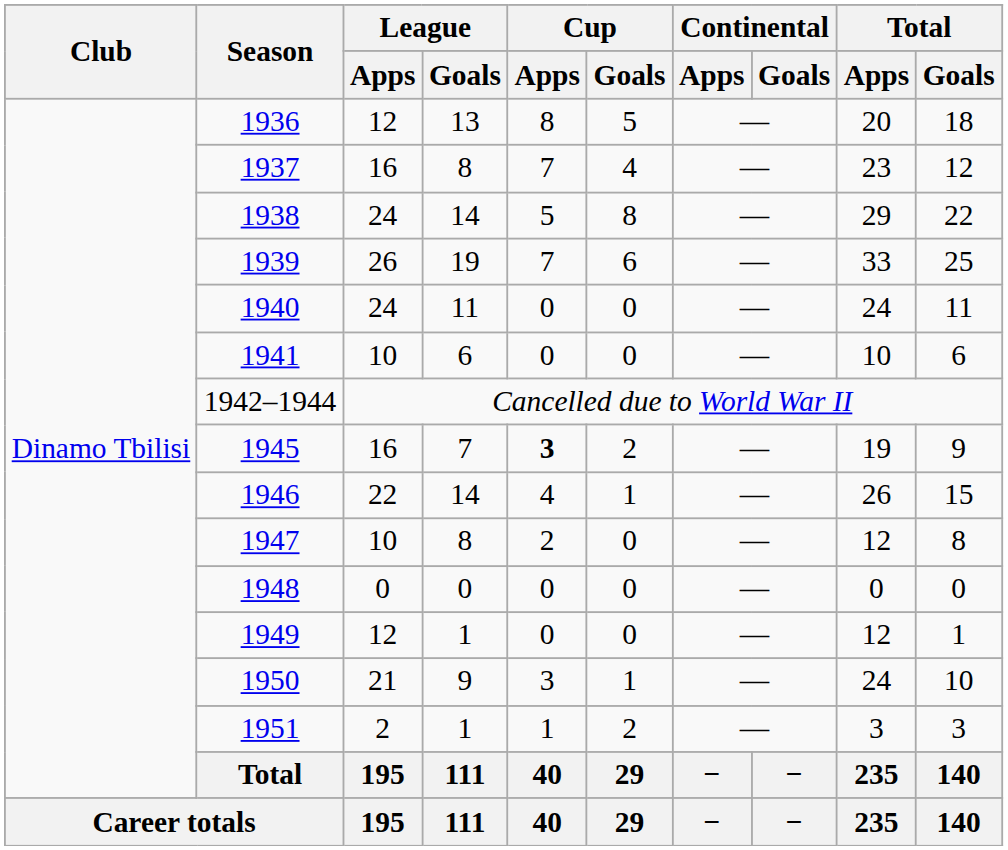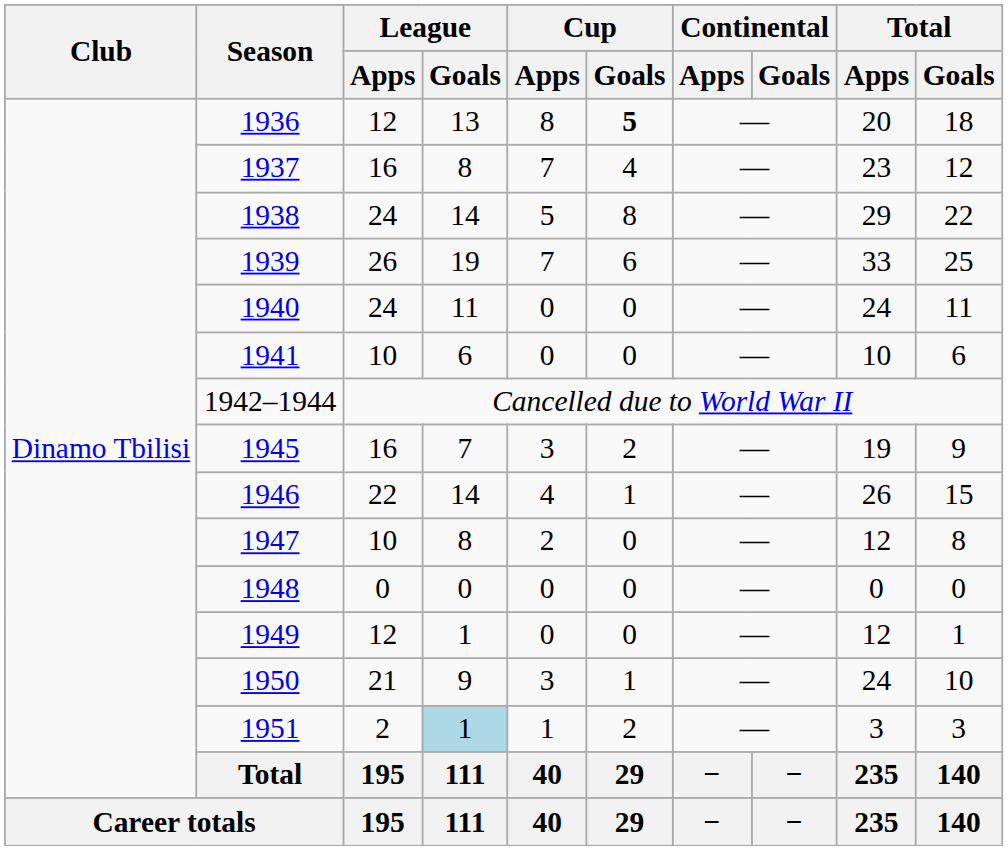 <table class="wikitable" style="font-size:100%; text-align: center;">
 <tr>
 <th rowspan="2">Club</th>
 <th rowspan="2">Season</th>
 <th colspan="2">League</th>
 <th colspan="2">Cup</th>
 <th colspan="2">Continental</th>
 <th colspan="2">Total</th>
 </tr>
 <tr>
 <th>Apps</th>
 <th>Goals</th>
 <th>Apps</th>
 <th>Goals</th>
 <th>Apps</th>
 <th>Goals</th>
 <th>Apps</th>
 <th>Goals</th>
 </tr>
 <tr>
 <td rowspan="15" valign="center"><a href='#'>Dinamo Tbilisi</a></td>
 <td><a href='#'>1936</a></td>
 <td>12</td>
 <td>13</td>
 <td>8</td>
-<td>5</td>
+<td><strong>5</strong></td>
 <td colspan="2">—</td>
 <td>20</td>
 <td>18</td>
 </tr>
 <tr>
 <td><a href='#'>1937</a></td>
 <td>16</td>
 <td>8</td>
 <td>7</td>
 <td>4</td>
 <td colspan="2">—</td>
 <td>23</td>
 <td>12</td>
 </tr>
 <tr>
 <td><a href='#'>1938</a></td>
 <td>24</td>
 <td>14</td>
 <td>5</td>
 <td>8</td>
 <td colspan="2">—</td>
 <td>29</td>
 <td>22</td>
 </tr>
 <tr>
 <td><a href='#'>1939</a></td>
 <td>26</td>
 <td>19</td>
 <td>7</td>
 <td>6</td>
 <td colspan="2">—</td>
 <td>33</td>
 <td>25</td>
 </tr>
 <tr>
 <td><a href='#'>1940</a></td>
 <td>24</td>
 <td>11</td>
 <td>0</td>
 <td>0</td>
 <td colspan="2">—</td>
 <td>24</td>
 <td>11</td>
 </tr>
 <tr>
 <td><a href='#'>1941</a></td>
 <td>10</td>
 <td>6</td>
 <td>0</td>
 <td>0</td>
 <td colspan="2">—</td>
 <td>10</td>
 <td>6</td>
 </tr>
 <tr>
 <td>1942–1944</td>
 <td colspan="8"><em>Cancelled due to <a href='#'>World War II</a></em></td>
 </tr>
 <tr>
 <td><a href='#'>1945</a></td>
 <td>16</td>
 <td>7</td>
-<td><strong>3</strong></td>
+<td>3</td>
 <td>2</td>
 <td colspan="2">—</td>
 <td>19</td>
 <td>9</td>
 </tr>
 <tr>
 <td><a href='#'>1946</a></td>
 <td>22</td>
 <td>14</td>
 <td>4</td>
 <td>1</td>
 <td colspan="2">—</td>
 <td>26</td>
 <td>15</td>
 </tr>
 <tr>
 <td><a href='#'>1947</a></td>
 <td>10</td>
 <td>8</td>
 <td>2</td>
 <td>0</td>
 <td colspan="2">—</td>
 <td>12</td>
 <td>8</td>
 </tr>
 <tr>
 <td><a href='#'>1948</a></td>
 <td>0</td>
 <td>0</td>
 <td>0</td>
 <td>0</td>
 <td colspan="2">—</td>
 <td>0</td>
 <td>0</td>
 </tr>
 <tr>
 <td><a href='#'>1949</a></td>
 <td>12</td>
 <td>1</td>
 <td>0</td>
 <td>0</td>
 <td colspan="2">—</td>
 <td>12</td>
 <td>1</td>
 </tr>
 <tr>
 <td><a href='#'>1950</a></td>
 <td>21</td>
 <td>9</td>
 <td>3</td>
 <td>1</td>
 <td colspan="2">—</td>
 <td>24</td>
 <td>10</td>
 </tr>
 <tr>
 <td><a href='#'>1951</a></td>
 <td>2</td>
-<td>1</td>
+<td style="background: lightblue;">1</td>
 <td>1</td>
 <td>2</td>
 <td colspan="2">—</td>
 <td>3</td>
 <td>3</td>
 </tr>
 <tr>
 <th>Total</th>
 <th>195</th>
 <th>111</th>
 <th>40</th>
 <th>29</th>
 <th>−</th>
 <th>−</th>
 <th>235</th>
 <th>140</th>
 </tr>
 <tr>
 <th colspan="2">Career totals</th>
 <th>195</th>
 <th>111</th>
 <th>40</th>
 <th>29</th>
 <th>−</th>
 <th>−</th>
 <th>235</th>
 <th>140</th>
 </tr>
 </table>
